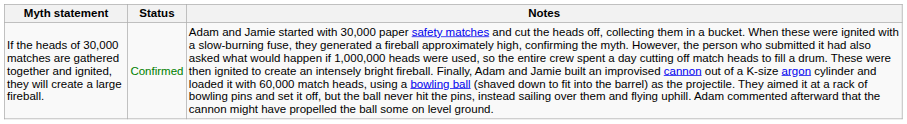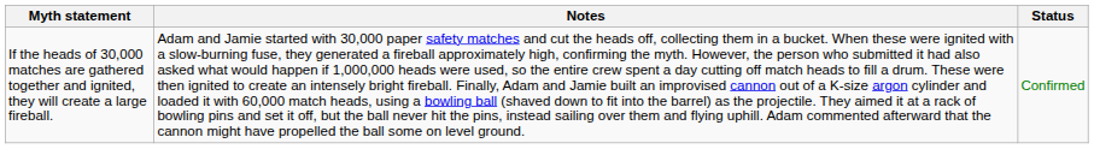 <table class="wikitable plainrowheaders">
 <tr>
 <th>Myth statement</th>
+<th>Notes</th>
 <th>Status</th>
-<th>Notes</th>
 </tr>
 <tr>
 <td>If the heads of 30,000 matches are gathered together and ignited, they will create a large fireball.</td>
+<td>Adam and Jamie started with 30,000 paper <a href='#'>safety matches</a> and cut the heads off, collecting them in a  bucket. When these were ignited with a slow-burning fuse, they generated a fireball approximately  high, confirming the myth. However, the person who submitted it had also asked what would happen if 1,000,000 heads were used, so the entire crew spent a day cutting off match heads to fill a  drum. These were then ignited to create an intensely bright  fireball. Finally, Adam and Jamie built an improvised <a href='#'>cannon</a> out of a K-size <a href='#'>argon</a> cylinder and loaded it with 60,000 match heads, using a  <a href='#'>bowling ball</a> (shaved down to fit into the barrel) as the projectile. They aimed it at a rack of bowling pins and set it off, but the ball never hit the pins, instead sailing over them and flying  uphill. Adam commented afterward that the cannon might have propelled the ball some  on level ground.</td>
 <td style="color:green">Confirmed</td>
-<td>Adam and Jamie started with 30,000 paper <a href='#'>safety matches</a> and cut the heads off, collecting them in a  bucket. When these were ignited with a slow-burning fuse, they generated a fireball approximately  high, confirming the myth. However, the person who submitted it had also asked what would happen if 1,000,000 heads were used, so the entire crew spent a day cutting off match heads to fill a  drum. These were then ignited to create an intensely bright  fireball. Finally, Adam and Jamie built an improvised <a href='#'>cannon</a> out of a K-size <a href='#'>argon</a> cylinder and loaded it with 60,000 match heads, using a  <a href='#'>bowling ball</a> (shaved down to fit into the barrel) as the projectile. They aimed it at a rack of bowling pins and set it off, but the ball never hit the pins, instead sailing over them and flying  uphill. Adam commented afterward that the cannon might have propelled the ball some  on level ground.</td>
 </tr>
 </table>
